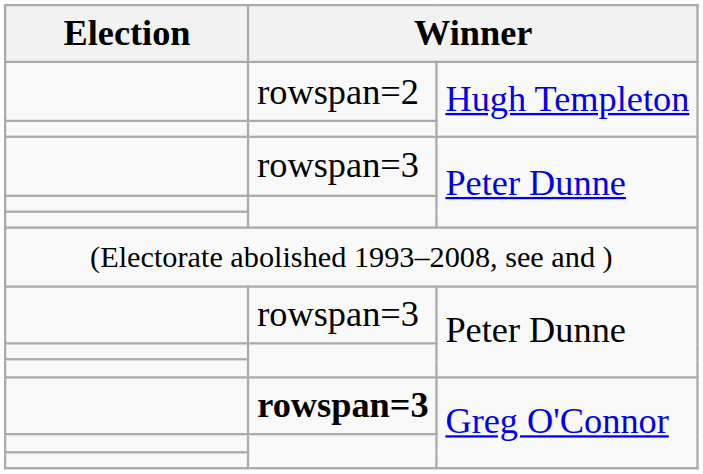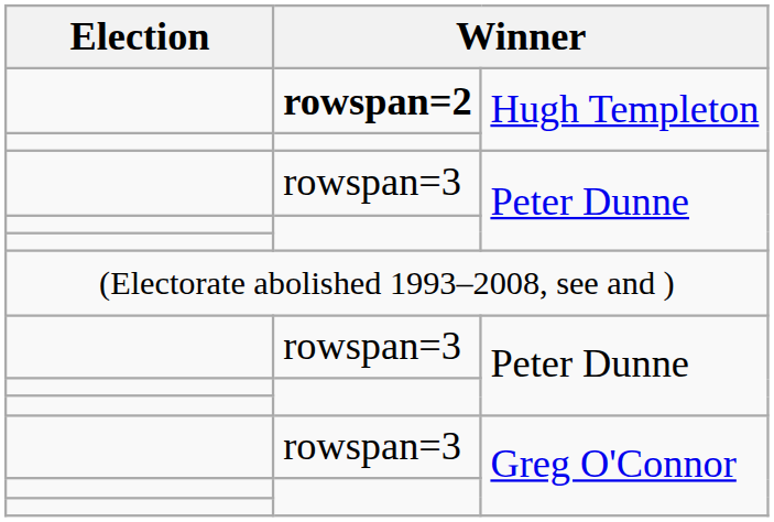 <table class=wikitable>
 <tr>
 <th width=100>Election</th>
 <th width=175 colspan=2>Winner</th>
 </tr>
 <tr>
 <td></td>
-<td>rowspan=2 </td>
+<td><strong>rowspan=2 </strong></td>
 <td rowspan=2><a href='#'>Hugh Templeton</a></td>
 </tr>
 <tr>
 <td></td>
 </tr>
 <tr>
 <td></td>
 <td>rowspan=3  </td>
 <td rowspan=3><a href='#'>Peter Dunne</a></td>
 </tr>
 <tr>
 <td></td>
 </tr>
 <tr>
 <td></td>
 </tr>
 <tr>
 <td colspan=3 align=center><small>(Electorate abolished 1993–2008, see  and )</small></td>
 </tr>
 <tr>
 <td></td>
 <td>rowspan=3 </td>
 <td rowspan=3>Peter Dunne</td>
 </tr>
 <tr>
 <td></td>
 </tr>
 <tr>
 <td></td>
 </tr>
 <tr>
 <td></td>
-<td><strong>rowspan=3 </strong></td>
+<td>rowspan=3 </td>
 <td rowspan=3><a href='#'>Greg O'Connor</a></td>
 </tr>
 <tr>
 <td></td>
 </tr>
 <tr>
 <td></td>
 </tr>
 </table>
